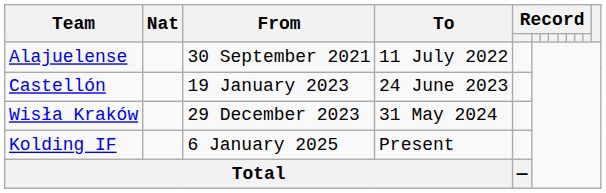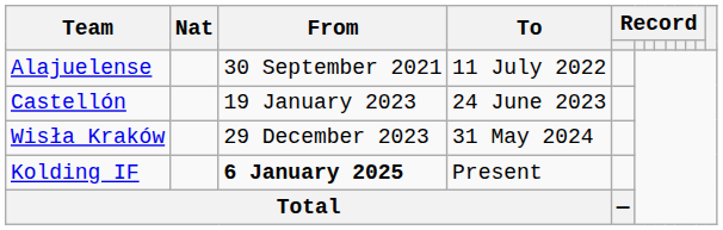 <table class="wikitable" style="text-align: center">
 <tr>
 <th rowspan="2">Team</th>
 <th rowspan="2">Nat</th>
 <th rowspan="2">From</th>
 <th rowspan="2">To</th>
 <th colspan="8">Record</th>
 <th rowspan=2></th>
 </tr>
 <tr>
 <th></th>
 <th></th>
 <th></th>
 <th></th>
 <th></th>
 <th></th>
 <th></th>
 <th></th>
 </tr>
 <tr>
 <td align=left><a href='#'>Alajuelense</a></td>
 <td></td>
 <td align=left>30 September 2021</td>
 <td align=left>11 July 2022<br></td>
 <td></td>
 </tr>
 <tr>
 <td align=left><a href='#'>Castellón</a></td>
 <td></td>
 <td align=left>19 January 2023</td>
 <td align=left>24 June 2023<br></td>
 <td></td>
 </tr>
 <tr>
 <td align=left><a href='#'>Wisła Kraków</a></td>
 <td></td>
 <td align=left>29 December 2023</td>
 <td align=left>31 May 2024<br></td>
 <td></td>
 </tr>
 <tr>
 <td align=left><a href='#'>Kolding IF</a></td>
 <td></td>
-<td align=left>6 January 2025</td>
+<td align=left><strong>6 January 2025</strong></td>
 <td align=left>Present<br></td>
 <td></td>
 </tr>
 <tr>
 <th colspan="4">Total<br></th>
 <th>—</th>
 </tr>
 </table>
